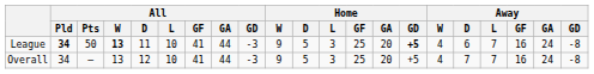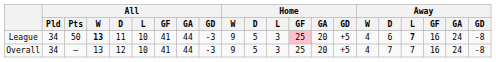 <table class="wikitable" style="text-align:center">
 <tr>
 <th rowspan=2></th>
 <th colspan=8>All</th>
 <th colspan=6>Home</th>
 <th colspan=6>Away</th>
 </tr>
 <tr>
 <th width=30>Pld</th>
 <th width=30>Pts</th>
 <th width=30>W</th>
 <th width=30>D</th>
 <th width=30>L</th>
 <th width=30>GF</th>
 <th width=30>GA</th>
 <th width=30>GD</th>
 <th width=30>W</th>
 <th width=30>D</th>
 <th width=30>L</th>
 <th width=30>GF</th>
 <th width=30>GA</th>
 <th width=30>GD</th>
 <th width=30>W</th>
 <th width=30>D</th>
 <th width=30>L</th>
 <th width=30>GF</th>
 <th width=30>GA</th>
 <th width=30>GD</th>
 </tr>
 <tr>
 <td>League</td>
-<td><strong>34</strong></td>
+<td>34</td>
 <td>50</td>
 <td><strong>13</strong></td>
 <td>11</td>
 <td>10</td>
 <td>41</td>
 <td>44</td>
 <td>-3</td>
 <td>9</td>
 <td>5</td>
 <td>3</td>
-<td>25</td>
+<td style="background: pink;">25</td>
 <td>20</td>
-<td><strong>+5</strong></td>
+<td>+5</td>
 <td>4</td>
 <td>6</td>
-<td>7</td>
+<td><strong>7</strong></td>
 <td>16</td>
 <td>24</td>
 <td>-8</td>
 </tr>
 <tr>
 <td>Overall</td>
 <td>34</td>
 <td>–</td>
 <td>13</td>
 <td>12</td>
 <td>10</td>
 <td>41</td>
 <td>44</td>
 <td>-3</td>
 <td>9</td>
 <td>5</td>
 <td>3</td>
 <td>25</td>
 <td>20</td>
 <td>+5</td>
 <td>4</td>
 <td>7</td>
 <td>7</td>
 <td>16</td>
 <td>24</td>
 <td>-8</td>
 </tr>
 </table>
